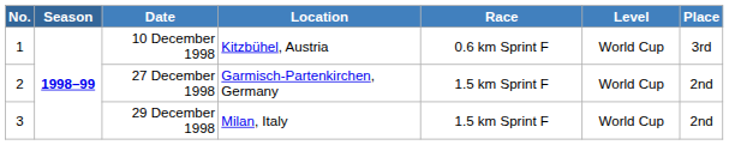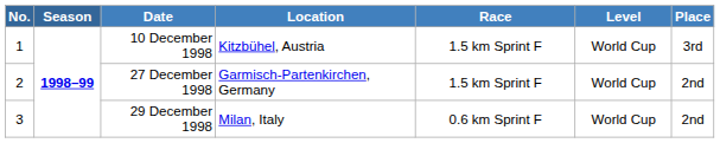 <table class="wikitable sortable" style="font-size:95%; text-align:center; border:grey solid 1px; border-collapse:collapse; background:#ffffff;">
 <tr style="background:#efefef;">
 <th style="background-color:#369; color:white;">No.</th>
 <th style="background-color:#369; color:white;">Season</th>
 <th style="background-color:#4180be; color:white; width:120px;">Date</th>
 <th style="background-color:#4180be; color:white; width:215px;">Location</th>
 <th style="background-color:#4180be; color:white; width:170px;">Race</th>
 <th style="background-color:#4180be; color:white; width:100px;">Level</th>
 <th style="background-color:#4180be; color:white;">Place</th>
 </tr>
 <tr>
 <td align=center>1</td>
 <td rowspan=3 align=center><strong> <a href='#'>1998–99</a> </strong></td>
 <td align=right>10 December 1998</td>
 <td align=left> <a href='#'>Kitzbühel</a>, Austria</td>
-<td>0.6 km Sprint F</td>
+<td>1.5 km Sprint F</td>
 <td>World Cup</td>
 <td>3rd</td>
 </tr>
 <tr>
 <td align=center>2</td>
 <td align=right>27 December 1998</td>
 <td align=left> <a href='#'>Garmisch-Partenkirchen</a>, Germany</td>
 <td>1.5 km Sprint F</td>
 <td>World Cup</td>
 <td>2nd</td>
 </tr>
 <tr>
 <td align=center>3</td>
 <td align=right>29 December 1998</td>
 <td align=left> <a href='#'>Milan</a>, Italy</td>
-<td>1.5 km Sprint F</td>
+<td>0.6 km Sprint F</td>
 <td>World Cup</td>
 <td>2nd</td>
 </tr>
 </table>
